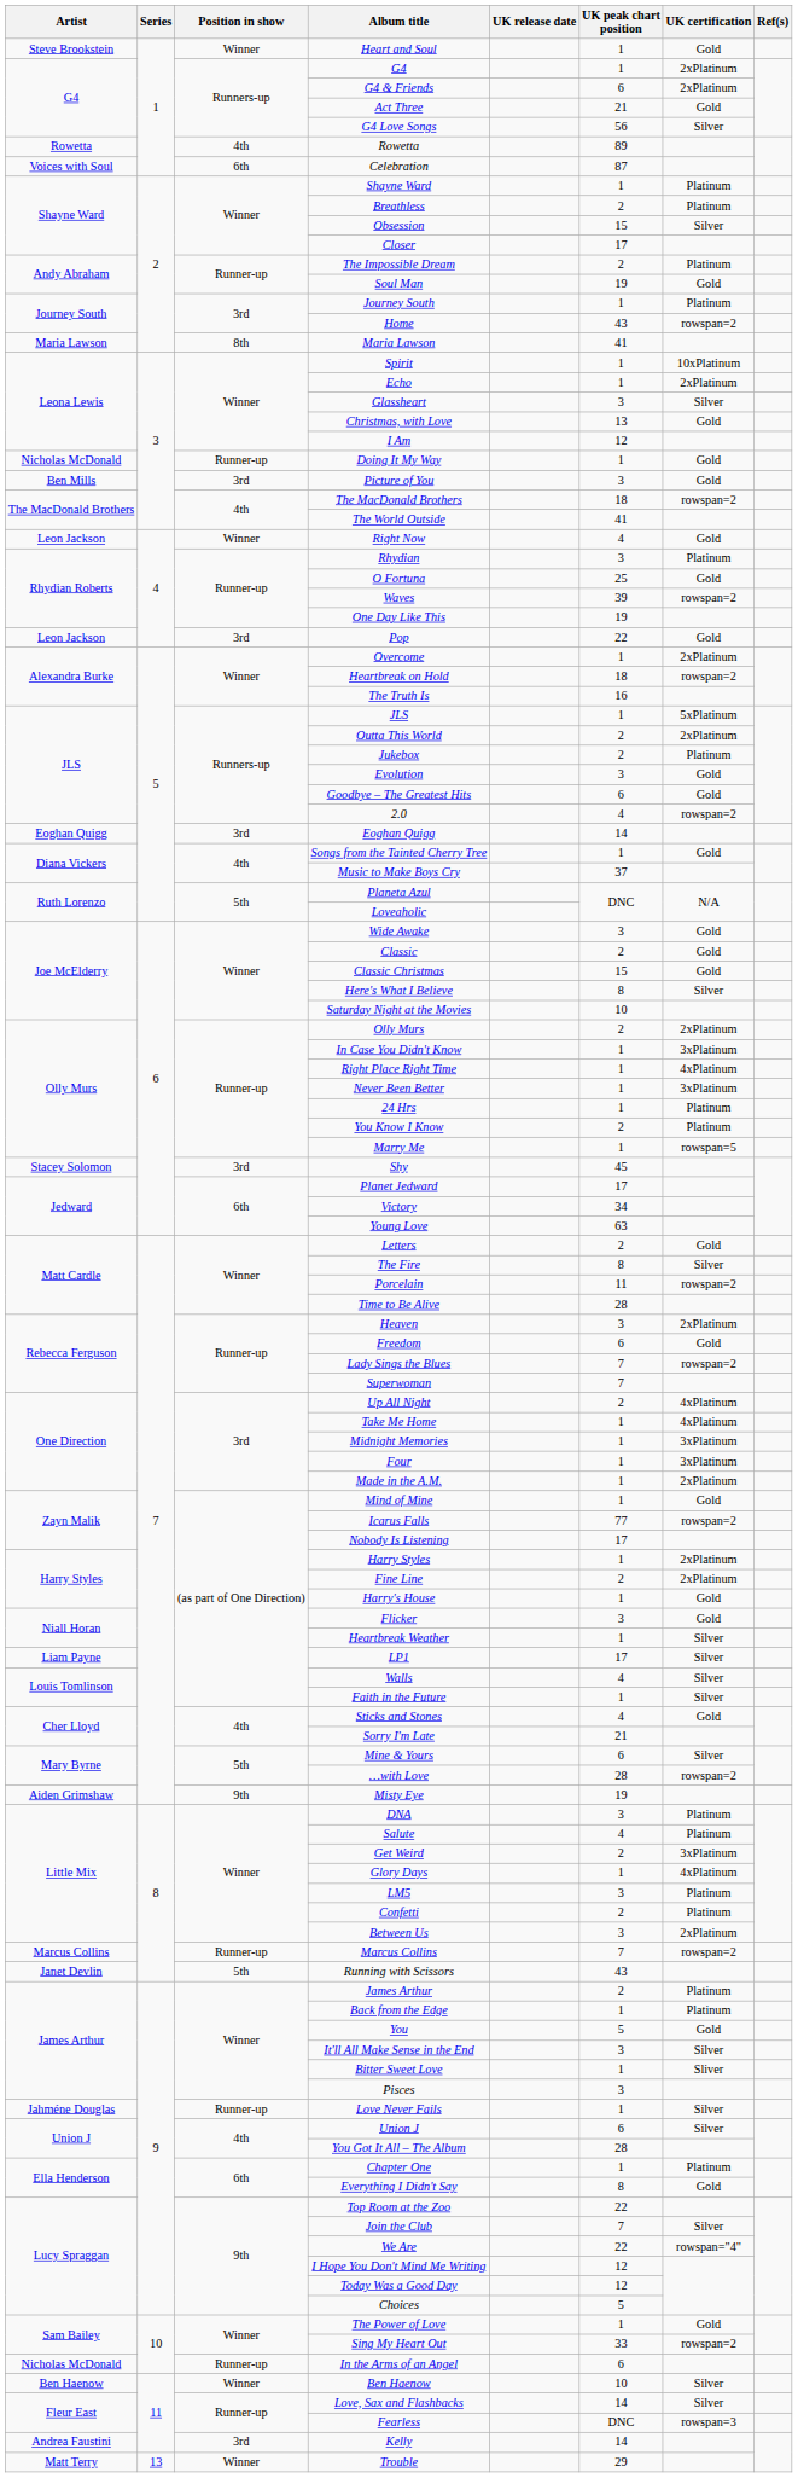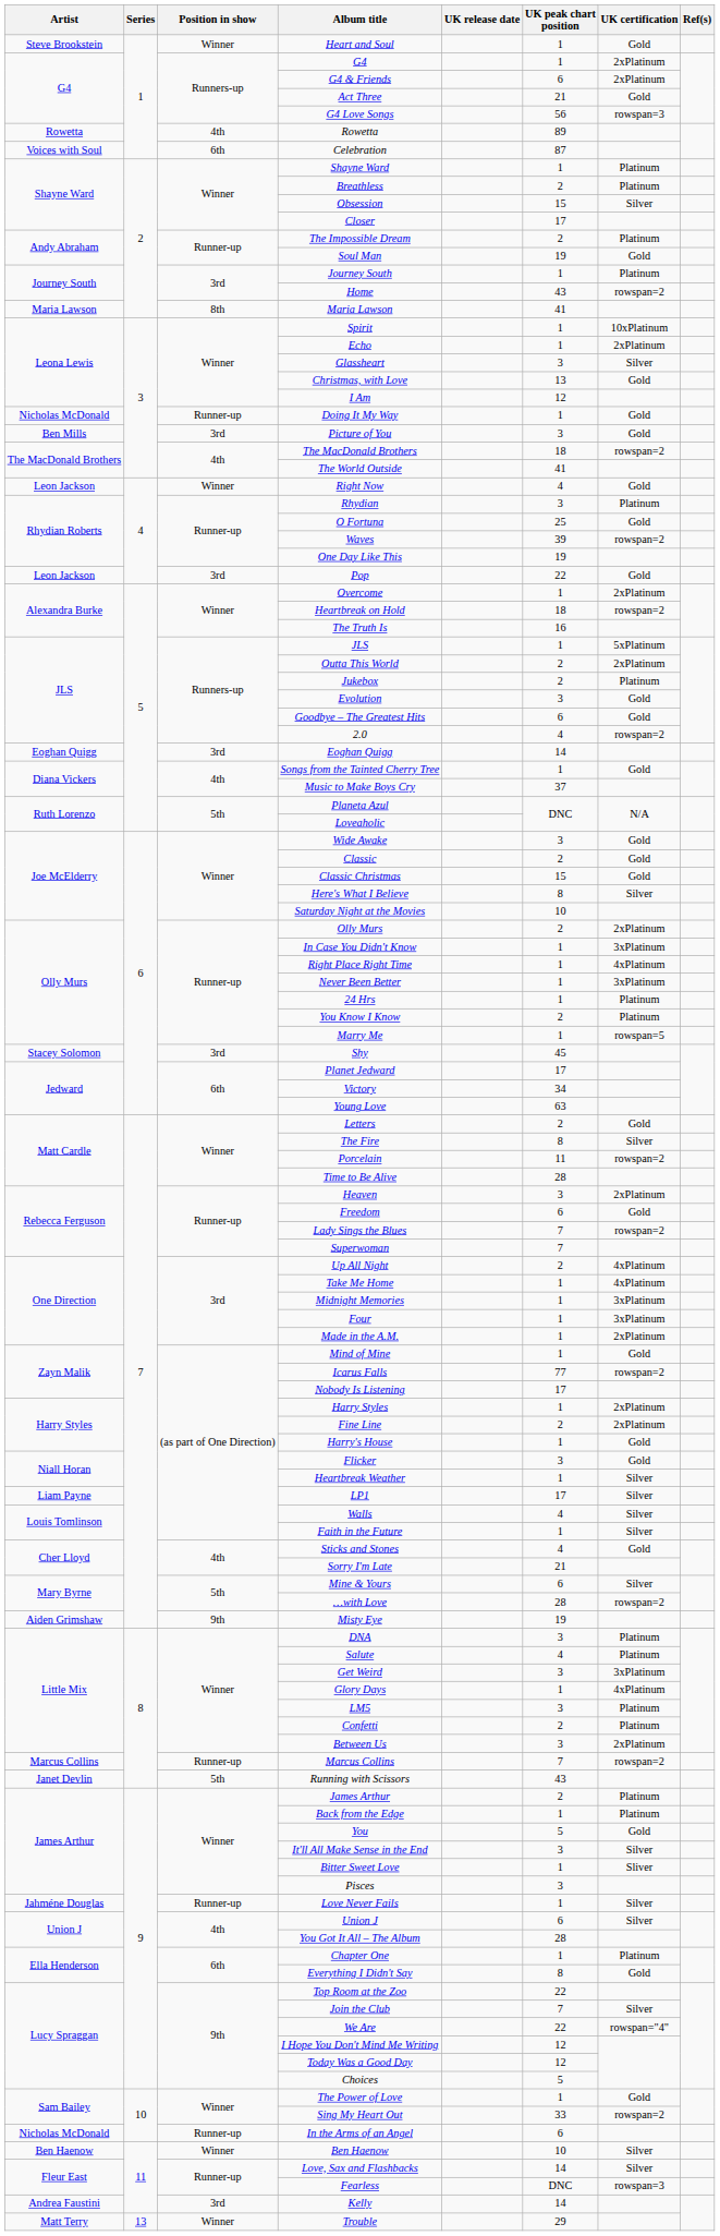 <table class="wikitable sortable plainrowheaders" style="text-align:center">
 <tr>
 <th scope="col">Artist</th>
 <th scope="col">Series</th>
 <th scope="col">Position in show</th>
 <th scope="col">Album title</th>
 <th scope="col">UK release date</th>
 <th scope="col">UK peak chart<br>position</th>
 <th scope="col">UK certification</th>
 <th scope="col">Ref(s)</th>
 </tr>
 <tr>
 <td><a href='#'>Steve Brookstein</a></td>
 <td rowspan="7">1</td>
 <td>Winner</td>
 <td><em><a href='#'>Heart and Soul</a></em></td>
 <td></td>
 <td align="center">1</td>
 <td>Gold</td>
 <td></td>
 </tr>
 <tr>
 <td rowspan="4"><a href='#'>G4</a></td>
 <td rowspan="4">Runners-up</td>
 <td><em><a href='#'>G4</a></em></td>
 <td></td>
 <td align="center">1</td>
 <td>2xPlatinum</td>
 <td rowspan=4></td>
 </tr>
 <tr>
 <td><em><a href='#'>G4 & Friends</a></em></td>
 <td></td>
 <td align="center">6</td>
 <td>2xPlatinum</td>
 </tr>
 <tr>
 <td><em><a href='#'>Act Three</a></em></td>
 <td></td>
 <td align="center">21</td>
 <td>Gold</td>
 </tr>
 <tr>
 <td><em><a href='#'>G4 Love Songs</a></em></td>
 <td></td>
 <td align="center">56</td>
-<td>Silver</td>
+<td>rowspan=3 </td>
 </tr>
 <tr>
 <td><a href='#'>Rowetta</a></td>
 <td>4th</td>
 <td><em>Rowetta</em></td>
 <td></td>
 <td align="center">89</td>
 <td></td>
 </tr>
 <tr>
 <td><a href='#'>Voices with Soul</a></td>
 <td>6th</td>
 <td><em>Celebration</em></td>
 <td></td>
 <td align="center">87</td>
 <td></td>
 </tr>
 <tr>
 <td rowspan="4"><a href='#'>Shayne Ward</a></td>
 <td rowspan="9">2</td>
 <td rowspan="4">Winner</td>
 <td><em><a href='#'>Shayne Ward</a></em></td>
 <td></td>
 <td align="center">1</td>
 <td>Platinum</td>
 <td></td>
 </tr>
 <tr>
 <td><em><a href='#'>Breathless</a></em></td>
 <td></td>
 <td align="center">2</td>
 <td>Platinum</td>
 <td></td>
 </tr>
 <tr>
 <td><em><a href='#'>Obsession</a></em></td>
 <td></td>
 <td align="center">15</td>
 <td>Silver</td>
 <td></td>
 </tr>
 <tr>
 <td><em><a href='#'>Closer</a></em></td>
 <td></td>
 <td align="center">17</td>
 <td></td>
 <td></td>
 </tr>
 <tr>
 <td rowspan="2"><a href='#'>Andy Abraham</a></td>
 <td rowspan="2">Runner-up</td>
 <td><em><a href='#'>The Impossible Dream</a></em></td>
 <td></td>
 <td align="center">2</td>
 <td>Platinum</td>
 <td></td>
 </tr>
 <tr>
 <td><em><a href='#'>Soul Man</a></em></td>
 <td></td>
 <td align="center">19</td>
 <td>Gold</td>
 <td></td>
 </tr>
 <tr>
 <td rowspan="2"><a href='#'>Journey South</a></td>
 <td rowspan="2">3rd</td>
 <td><em><a href='#'>Journey South</a></em></td>
 <td></td>
 <td align="center">1</td>
 <td>Platinum</td>
 <td></td>
 </tr>
 <tr>
 <td><em><a href='#'>Home</a></em></td>
 <td></td>
 <td align="center">43</td>
 <td>rowspan=2 </td>
 <td></td>
 </tr>
 <tr>
 <td><a href='#'>Maria Lawson</a></td>
 <td>8th</td>
 <td><em><a href='#'>Maria Lawson</a></em></td>
 <td></td>
 <td align="center">41</td>
 <td></td>
 </tr>
 <tr>
 <td rowspan="5"><a href='#'>Leona Lewis</a></td>
 <td rowspan="9">3</td>
 <td rowspan="5">Winner</td>
 <td><em><a href='#'>Spirit</a></em></td>
 <td></td>
 <td align="center">1</td>
 <td>10xPlatinum</td>
 <td></td>
 </tr>
 <tr>
 <td><em><a href='#'>Echo</a></em></td>
 <td></td>
 <td align="center">1</td>
 <td>2xPlatinum</td>
 <td></td>
 </tr>
 <tr>
 <td><em><a href='#'>Glassheart</a></em></td>
 <td></td>
 <td align="center">3</td>
 <td>Silver</td>
 <td></td>
 </tr>
 <tr>
 <td><em><a href='#'>Christmas, with Love</a> </em></td>
 <td></td>
 <td align="center">13</td>
 <td>Gold</td>
 <td></td>
 </tr>
 <tr>
 <td><em><a href='#'>I Am</a> </em></td>
 <td></td>
 <td align="center">12</td>
 <td></td>
 <td></td>
 </tr>
 <tr>
 <td><a href='#'>Nicholas McDonald</a></td>
 <td>Runner-up</td>
 <td><em><a href='#'>Doing It My Way</a></em></td>
 <td></td>
 <td align="center">1</td>
 <td>Gold</td>
 <td></td>
 </tr>
 <tr>
 <td><a href='#'>Ben Mills</a></td>
 <td>3rd</td>
 <td><em><a href='#'>Picture of You</a></em></td>
 <td></td>
 <td align="center">3</td>
 <td>Gold</td>
 <td></td>
 </tr>
 <tr>
 <td rowspan="2"><a href='#'>The MacDonald Brothers</a></td>
 <td rowspan="2">4th</td>
 <td><em><a href='#'>The MacDonald Brothers</a></em></td>
 <td></td>
 <td align="center">18</td>
 <td>rowspan=2 </td>
 <td></td>
 </tr>
 <tr>
 <td><em><a href='#'>The World Outside</a></em></td>
 <td></td>
 <td align="center">41</td>
 <td></td>
 </tr>
 <tr>
 <td><a href='#'>Leon Jackson</a></td>
 <td rowspan="6">4</td>
 <td>Winner</td>
 <td><em><a href='#'>Right Now</a></em></td>
 <td></td>
 <td align="center">4</td>
 <td>Gold</td>
 <td></td>
 </tr>
 <tr>
 <td rowspan="4"><a href='#'>Rhydian Roberts</a></td>
 <td rowspan="4">Runner-up</td>
 <td><em><a href='#'>Rhydian</a></em></td>
 <td></td>
 <td align="center">3</td>
 <td>Platinum</td>
 <td></td>
 </tr>
 <tr>
 <td><em><a href='#'>O Fortuna</a></em></td>
 <td></td>
 <td align="center">25</td>
 <td>Gold</td>
 <td></td>
 </tr>
 <tr>
 <td><em><a href='#'>Waves</a></em></td>
 <td></td>
 <td align="center">39</td>
 <td>rowspan=2 </td>
 <td></td>
 </tr>
 <tr>
 <td><em><a href='#'>One Day Like This</a></em></td>
 <td></td>
 <td align="center">19</td>
 <td></td>
 </tr>
 <tr>
 <td><a href='#'>Leon Jackson</a></td>
 <td>3rd</td>
 <td><em><a href='#'>Pop</a></em></td>
 <td></td>
 <td align="center">22</td>
 <td>Gold</td>
 <td></td>
 </tr>
 <tr>
 <td rowspan="3"><a href='#'>Alexandra Burke</a></td>
 <td rowspan="14">5</td>
 <td rowspan="3">Winner</td>
 <td><em><a href='#'>Overcome</a></em></td>
 <td></td>
 <td align="center">1</td>
 <td>2xPlatinum</td>
 <td rowspan="3"></td>
 </tr>
 <tr>
 <td><em><a href='#'>Heartbreak on Hold</a></em></td>
 <td></td>
 <td align="center">18</td>
 <td>rowspan=2 </td>
 </tr>
 <tr>
 <td><em><a href='#'>The Truth Is</a></em></td>
 <td></td>
 <td align="center">16</td>
 </tr>
 <tr>
 <td rowspan="6"><a href='#'>JLS</a></td>
 <td rowspan="6">Runners-up</td>
 <td><em><a href='#'>JLS</a></em></td>
 <td></td>
 <td align="center">1</td>
 <td>5xPlatinum</td>
 <td rowspan="6"></td>
 </tr>
 <tr>
 <td><em><a href='#'>Outta This World</a></em></td>
 <td></td>
 <td align="center">2</td>
 <td>2xPlatinum</td>
 </tr>
 <tr>
 <td><em><a href='#'>Jukebox</a></em></td>
 <td></td>
 <td align="center">2</td>
 <td>Platinum</td>
 </tr>
 <tr>
 <td><em><a href='#'>Evolution</a></em></td>
 <td></td>
 <td align="center">3</td>
 <td>Gold</td>
 </tr>
 <tr>
 <td><em><a href='#'>Goodbye – The Greatest Hits</a></em></td>
 <td></td>
 <td align="center">6</td>
 <td>Gold</td>
 </tr>
 <tr>
 <td><em>2.0</em></td>
 <td></td>
 <td align="center">4</td>
 <td>rowspan=2 </td>
 </tr>
 <tr>
 <td><a href='#'>Eoghan Quigg</a></td>
 <td>3rd</td>
 <td><em><a href='#'>Eoghan Quigg</a></em></td>
 <td></td>
 <td align="center">14</td>
 <td></td>
 </tr>
 <tr>
 <td rowspan="2"><a href='#'>Diana Vickers</a></td>
 <td rowspan="2">4th</td>
 <td><em><a href='#'>Songs from the Tainted Cherry Tree</a></em></td>
 <td></td>
 <td align="center">1</td>
 <td>Gold</td>
 <td rowspan="2"></td>
 </tr>
 <tr>
 <td><em><a href='#'>Music to Make Boys Cry</a></em></td>
 <td></td>
 <td align="center">37</td>
 <td></td>
 </tr>
 <tr>
 <td rowspan=2><a href='#'>Ruth Lorenzo</a></td>
 <td rowspan="2">5th</td>
 <td><em><a href='#'>Planeta Azul</a></em></td>
 <td></td>
 <td rowspan=2 align="center">DNC</td>
 <td rowspan=2>N/A</td>
 </tr>
 <tr>
 <td><em><a href='#'>Loveaholic</a></em></td>
 <td></td>
 </tr>
 <tr>
 <td rowspan="5"><a href='#'>Joe McElderry</a></td>
 <td rowspan="16">6</td>
 <td rowspan="5">Winner</td>
 <td><em><a href='#'>Wide Awake</a></em></td>
 <td></td>
 <td align="center">3</td>
 <td>Gold</td>
 <td></td>
 </tr>
 <tr>
 <td><em><a href='#'>Classic</a></em></td>
 <td></td>
 <td align="center">2</td>
 <td>Gold</td>
 <td></td>
 </tr>
 <tr>
 <td><em><a href='#'>Classic Christmas</a></em></td>
 <td></td>
 <td align="center">15</td>
 <td>Gold</td>
 <td></td>
 </tr>
 <tr>
 <td><em><a href='#'>Here's What I Believe</a></em></td>
 <td></td>
 <td align="center">8</td>
 <td>Silver</td>
 <td></td>
 </tr>
 <tr>
 <td><em><a href='#'>Saturday Night at the Movies</a></em></td>
 <td></td>
 <td align="center">10</td>
 <td></td>
 <td></td>
 </tr>
 <tr>
 <td rowspan="7"><a href='#'>Olly Murs</a></td>
 <td rowspan="7">Runner-up</td>
 <td><em><a href='#'>Olly Murs</a></em></td>
 <td></td>
 <td align="center">2</td>
 <td>2xPlatinum</td>
 <td></td>
 </tr>
 <tr>
 <td><em><a href='#'>In Case You Didn't Know</a></em></td>
 <td></td>
 <td align="center">1</td>
 <td>3xPlatinum</td>
 <td></td>
 </tr>
 <tr>
 <td><em><a href='#'>Right Place Right Time</a></em></td>
 <td></td>
 <td align="center">1</td>
 <td>4xPlatinum</td>
 <td></td>
 </tr>
 <tr>
 <td><em><a href='#'>Never Been Better</a></em></td>
 <td></td>
 <td align="center">1</td>
 <td>3xPlatinum</td>
 <td></td>
 </tr>
 <tr>
 <td><em><a href='#'>24 Hrs</a></em></td>
 <td></td>
 <td align="center">1</td>
 <td>Platinum</td>
 <td></td>
 </tr>
 <tr>
 <td><em><a href='#'>You Know I Know</a></em></td>
 <td></td>
 <td align="center">2</td>
 <td>Platinum</td>
 <td></td>
 </tr>
 <tr>
 <td><em><a href='#'>Marry Me</a></em></td>
 <td></td>
 <td align="center">1</td>
 <td>rowspan=5 </td>
 <td></td>
 </tr>
 <tr>
 <td><a href='#'>Stacey Solomon</a></td>
 <td>3rd</td>
 <td><em><a href='#'>Shy</a></em></td>
 <td></td>
 <td align="center">45</td>
 <td></td>
 </tr>
 <tr>
 <td rowspan="3"><a href='#'>Jedward</a></td>
 <td rowspan="3">6th</td>
 <td><em><a href='#'>Planet Jedward</a></em></td>
 <td></td>
 <td align="center">17</td>
 <td></td>
 </tr>
 <tr>
 <td><em><a href='#'>Victory</a></em></td>
 <td></td>
 <td align="center">34</td>
 <td></td>
 </tr>
 <tr>
 <td><em><a href='#'>Young Love</a></em></td>
 <td></td>
 <td align="center">63</td>
 <td></td>
 </tr>
 <tr>
 <td rowspan="4"><a href='#'>Matt Cardle</a></td>
 <td rowspan="29">7</td>
 <td rowspan="4">Winner</td>
 <td><em><a href='#'>Letters</a></em></td>
 <td></td>
 <td align="center">2</td>
 <td>Gold</td>
 <td></td>
 </tr>
 <tr>
 <td><em><a href='#'>The Fire</a></em></td>
 <td></td>
 <td align="center">8</td>
 <td>Silver</td>
 <td></td>
 </tr>
 <tr>
 <td><em><a href='#'>Porcelain</a></em></td>
 <td></td>
 <td align="center">11</td>
 <td>rowspan=2 </td>
 <td></td>
 </tr>
 <tr>
 <td><em><a href='#'>Time to Be Alive</a></em></td>
 <td></td>
 <td align="center">28</td>
 <td></td>
 </tr>
 <tr>
 <td rowspan="4"><a href='#'>Rebecca Ferguson</a></td>
 <td rowspan="4">Runner-up</td>
 <td><em><a href='#'>Heaven</a></em></td>
 <td></td>
 <td align="center">3</td>
 <td>2xPlatinum</td>
 <td></td>
 </tr>
 <tr>
 <td><em><a href='#'>Freedom</a></em></td>
 <td></td>
 <td align="center">6</td>
 <td>Gold</td>
 <td></td>
 </tr>
 <tr>
 <td><em><a href='#'>Lady Sings the Blues</a></em></td>
 <td></td>
 <td align="center">7</td>
 <td>rowspan=2 </td>
 <td></td>
 </tr>
 <tr>
 <td><em><a href='#'>Superwoman</a></em></td>
 <td></td>
 <td align="center">7</td>
 <td></td>
 </tr>
 <tr>
 <td rowspan="5"><a href='#'>One Direction</a></td>
 <td rowspan="5">3rd</td>
 <td><em><a href='#'>Up All Night</a></em></td>
 <td></td>
 <td align="center">2</td>
 <td>4xPlatinum</td>
 <td></td>
 </tr>
 <tr>
 <td><em><a href='#'>Take Me Home</a></em></td>
 <td></td>
 <td align="center">1</td>
 <td>4xPlatinum</td>
 <td></td>
 </tr>
 <tr>
 <td><em><a href='#'>Midnight Memories</a></em></td>
 <td></td>
 <td align="center">1</td>
 <td>3xPlatinum</td>
 <td></td>
 </tr>
 <tr>
 <td><em><a href='#'>Four</a></em></td>
 <td></td>
 <td align="center">1</td>
 <td>3xPlatinum</td>
 <td></td>
 </tr>
 <tr>
 <td><em><a href='#'>Made in the A.M.</a></em></td>
 <td></td>
 <td align="center">1</td>
 <td>2xPlatinum</td>
 <td></td>
 </tr>
 <tr>
 <td rowspan=3><a href='#'>Zayn Malik</a></td>
 <td rowspan="11"> (as part of One Direction)</td>
 <td><em><a href='#'>Mind of Mine</a></em></td>
 <td></td>
 <td align="center">1</td>
 <td>Gold</td>
 <td></td>
 </tr>
 <tr>
 <td><em><a href='#'>Icarus Falls</a></em></td>
 <td></td>
 <td align="center">77</td>
 <td>rowspan=2 </td>
 <td></td>
 </tr>
 <tr>
 <td><em><a href='#'>Nobody Is Listening</a></em></td>
 <td></td>
 <td align="center">17</td>
 <td></td>
 </tr>
 <tr>
 <td rowspan=3><a href='#'>Harry Styles</a></td>
 <td><em><a href='#'>Harry Styles</a></em></td>
 <td></td>
 <td align="center">1</td>
 <td>2xPlatinum</td>
 <td></td>
 </tr>
 <tr>
 <td><em><a href='#'>Fine Line</a></em></td>
 <td></td>
 <td>2</td>
 <td>2xPlatinum</td>
 <td></td>
 </tr>
 <tr>
 <td><em><a href='#'>Harry's House</a></em></td>
 <td></td>
 <td>1</td>
 <td>Gold</td>
 <td></td>
 </tr>
 <tr>
 <td rowspan=2><a href='#'>Niall Horan</a></td>
 <td><em><a href='#'>Flicker</a></em></td>
 <td></td>
 <td align="center">3</td>
 <td>Gold</td>
 <td></td>
 </tr>
 <tr>
 <td><em><a href='#'>Heartbreak Weather</a></em></td>
 <td></td>
 <td>1</td>
 <td>Silver</td>
 <td></td>
 </tr>
 <tr>
 <td><a href='#'>Liam Payne</a></td>
 <td><em><a href='#'>LP1</a></em></td>
 <td></td>
 <td>17</td>
 <td>Silver</td>
 <td></td>
 </tr>
 <tr>
 <td rowspan=2><a href='#'>Louis Tomlinson</a></td>
 <td><em><a href='#'>Walls</a></em></td>
 <td></td>
 <td>4</td>
 <td>Silver</td>
 <td></td>
 </tr>
 <tr>
 <td><em><a href='#'>Faith in the Future</a></em></td>
 <td></td>
 <td>1</td>
 <td>Silver</td>
 <td></td>
 </tr>
 <tr>
 <td rowspan="2"><a href='#'>Cher Lloyd</a></td>
 <td rowspan="2">4th</td>
 <td><em><a href='#'>Sticks and Stones</a></em></td>
 <td></td>
 <td align="center">4</td>
 <td>Gold</td>
 <td rowspan="2"></td>
 </tr>
 <tr>
 <td><em><a href='#'>Sorry I'm Late</a></em></td>
 <td></td>
 <td align="center">21</td>
 <td></td>
 </tr>
 <tr>
 <td rowspan="2"><a href='#'>Mary Byrne</a></td>
 <td rowspan="2">5th</td>
 <td><em><a href='#'>Mine & Yours</a></em></td>
 <td></td>
 <td align="center">6</td>
 <td>Silver</td>
 <td rowspan="2"></td>
 </tr>
 <tr>
 <td><em><a href='#'>…with Love</a></em></td>
 <td></td>
 <td align="center">28</td>
 <td>rowspan=2 </td>
 </tr>
 <tr>
 <td><a href='#'>Aiden Grimshaw</a></td>
 <td>9th</td>
 <td><em><a href='#'>Misty Eye</a></em></td>
 <td></td>
 <td align="center">19</td>
 <td></td>
 </tr>
 <tr>
 <td rowspan="7"><a href='#'>Little Mix</a></td>
 <td rowspan="9">8</td>
 <td rowspan="7">Winner</td>
 <td><em><a href='#'>DNA</a></em></td>
 <td></td>
 <td align="center">3</td>
 <td>Platinum</td>
 <td rowspan="7"></td>
 </tr>
 <tr>
 <td><em><a href='#'>Salute</a></em></td>
 <td></td>
 <td align="center">4</td>
 <td>Platinum</td>
 </tr>
 <tr>
 <td><em><a href='#'>Get Weird</a></em></td>
 <td></td>
-<td align="center">2</td>
+<td align="center">3</td>
 <td>3xPlatinum</td>
 </tr>
 <tr>
 <td><em><a href='#'>Glory Days</a></em></td>
 <td></td>
 <td align="center">1</td>
 <td>4xPlatinum</td>
 </tr>
 <tr>
 <td><em><a href='#'>LM5</a></em></td>
 <td></td>
 <td align="center">3</td>
 <td>Platinum</td>
 </tr>
 <tr>
 <td><em><a href='#'>Confetti</a></em></td>
 <td></td>
 <td align="center">2</td>
 <td>Platinum</td>
 </tr>
 <tr>
 <td><em><a href='#'>Between Us</a></em></td>
 <td></td>
 <td align="center">3</td>
 <td>2xPlatinum</td>
 </tr>
 <tr>
 <td><a href='#'>Marcus Collins</a></td>
 <td>Runner-up</td>
 <td><em><a href='#'>Marcus Collins</a></em></td>
 <td></td>
 <td align="center">7</td>
 <td>rowspan=2 </td>
 <td></td>
 </tr>
 <tr>
 <td><a href='#'>Janet Devlin</a></td>
 <td>5th</td>
 <td><em>Running with Scissors</em></td>
 <td></td>
 <td align="center">43</td>
 <td></td>
 </tr>
 <tr>
 <td rowspan="6"><a href='#'>James Arthur</a></td>
 <td rowspan="17">9</td>
 <td rowspan="6">Winner</td>
 <td><em><a href='#'>James Arthur</a></em></td>
 <td></td>
 <td align="center">2</td>
 <td>Platinum</td>
 <td></td>
 </tr>
 <tr>
 <td><em><a href='#'>Back from the Edge</a></em></td>
 <td></td>
 <td align="center">1</td>
 <td>Platinum</td>
 <td></td>
 </tr>
 <tr>
 <td><em><a href='#'>You</a></em></td>
 <td></td>
 <td align="center">5</td>
 <td>Gold</td>
 <td></td>
 </tr>
 <tr>
 <td><em><a href='#'>It'll All Make Sense in the End</a></em></td>
 <td></td>
 <td align="center">3</td>
 <td>Silver</td>
 <td></td>
 </tr>
 <tr>
 <td><em><a href='#'>Bitter Sweet Love</a></em></td>
 <td></td>
 <td align="center">1</td>
 <td>Sliver</td>
 <td></td>
 </tr>
 <tr>
 <td><em>Pisces</em></td>
 <td></td>
 <td align="center">3</td>
 <td></td>
 <td></td>
 </tr>
 <tr>
 <td><a href='#'>Jahméne Douglas</a></td>
 <td>Runner-up</td>
 <td><em><a href='#'>Love Never Fails</a></em></td>
 <td></td>
 <td align="center">1</td>
 <td>Silver</td>
 <td></td>
 </tr>
 <tr>
 <td rowspan="2"><a href='#'>Union J</a></td>
 <td rowspan="2">4th</td>
 <td><em><a href='#'>Union J</a></em></td>
 <td></td>
 <td align="center">6</td>
 <td>Silver</td>
 <td rowspan="2"></td>
 </tr>
 <tr>
 <td><em><a href='#'>You Got It All – The Album</a></em></td>
 <td></td>
 <td align="center">28</td>
 <td></td>
 </tr>
 <tr>
 <td rowspan="2"><a href='#'>Ella Henderson</a></td>
 <td rowspan="2">6th</td>
 <td><em><a href='#'>Chapter One</a></em></td>
 <td></td>
 <td align="center">1</td>
 <td>Platinum</td>
 <td rowspan="2"></td>
 </tr>
 <tr>
 <td><em><a href='#'>Everything I Didn't Say</a></em></td>
 <td></td>
 <td align="center">8</td>
 <td>Gold</td>
 </tr>
 <tr>
 <td rowspan="6"><a href='#'>Lucy Spraggan</a></td>
 <td rowspan="6">9th</td>
 <td><em><a href='#'>Top Room at the Zoo</a></em></td>
 <td></td>
 <td align="center">22</td>
 <td></td>
 <td rowspan="6"></td>
 </tr>
 <tr>
 <td><em><a href='#'>Join the Club</a></em></td>
 <td></td>
 <td align="center">7</td>
 <td>Silver</td>
 </tr>
 <tr>
 <td><em><a href='#'>We Are</a></em></td>
 <td></td>
 <td align="center">22</td>
 <td>rowspan="4" </td>
 </tr>
 <tr>
 <td><em><a href='#'>I Hope You Don't Mind Me Writing</a></em></td>
 <td></td>
 <td align="center">12</td>
 </tr>
 <tr>
 <td><em><a href='#'>Today Was a Good Day</a></em></td>
 <td></td>
 <td align="center">12</td>
 </tr>
 <tr>
 <td><em>Choices</em></td>
 <td></td>
 <td align="center">5</td>
 </tr>
 <tr>
 <td rowspan="2"><a href='#'>Sam Bailey</a></td>
 <td rowspan="3">10</td>
 <td rowspan="2">Winner</td>
 <td><em><a href='#'>The Power of Love</a></em></td>
 <td></td>
 <td align="center">1</td>
 <td>Gold</td>
 <td rowspan="2"></td>
 </tr>
 <tr>
 <td><em><a href='#'>Sing My Heart Out</a></em></td>
 <td></td>
 <td align="center">33</td>
 <td>rowspan=2 </td>
 </tr>
 <tr>
 <td><a href='#'>Nicholas McDonald</a></td>
 <td>Runner-up</td>
 <td><em><a href='#'>In the Arms of an Angel</a></em></td>
 <td></td>
 <td align="center">6</td>
 <td></td>
 </tr>
 <tr>
 <td><a href='#'>Ben Haenow</a></td>
 <td rowspan="4"><a href='#'>11</a></td>
 <td>Winner</td>
 <td><em><a href='#'>Ben Haenow</a></em></td>
 <td></td>
 <td align="center">10</td>
 <td>Silver</td>
 <td></td>
 </tr>
 <tr>
 <td rowspan="2"><a href='#'>Fleur East</a></td>
 <td rowspan="2">Runner-up</td>
 <td><em><a href='#'>Love, Sax and Flashbacks</a></em></td>
 <td></td>
 <td>14</td>
 <td>Silver</td>
 <td></td>
 </tr>
 <tr>
 <td><em><a href='#'>Fearless</a></em></td>
 <td></td>
 <td>DNC</td>
 <td>rowspan=3 </td>
 <td></td>
 </tr>
 <tr>
 <td><a href='#'>Andrea Faustini</a></td>
 <td>3rd</td>
 <td><em><a href='#'>Kelly</a></em></td>
 <td></td>
 <td align="center">14</td>
 <td></td>
 </tr>
 <tr>
 <td><a href='#'>Matt Terry</a></td>
 <td rowspan="2"><a href='#'>13</a></td>
 <td>Winner</td>
 <td><em><a href='#'>Trouble</a></em></td>
 <td></td>
 <td align="center">29</td>
 <td></td>
 </tr>
 </table>
